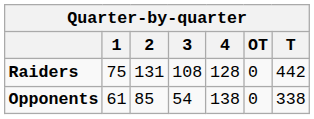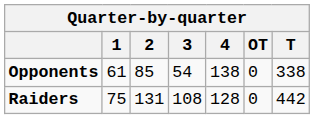 <table class="wikitable">
 <tr>
 <th colspan="7">Quarter-by-quarter</th>
 </tr>
 <tr>
 <th></th>
 <th>1</th>
 <th>2</th>
 <th>3</th>
 <th>4</th>
 <th>OT</th>
 <th>T</th>
 </tr>
 <tr>
+<td><strong>Opponents</strong></td>
+<td>61</td>
+<td>85</td>
+<td>54</td>
+<td>138</td>
+<td>0</td>
+<td>338</td>
+</tr>
+<tr>
 <td><strong>Raiders</strong></td>
 <td>75</td>
 <td>131</td>
 <td>108</td>
 <td>128</td>
 <td>0</td>
 <td>442</td>
 </tr>
-<tr>
-<td><strong>Opponents</strong></td>
-<td>61</td>
-<td>85</td>
-<td>54</td>
-<td>138</td>
-<td>0</td>
-<td>338</td>
-</tr>
 </table>
